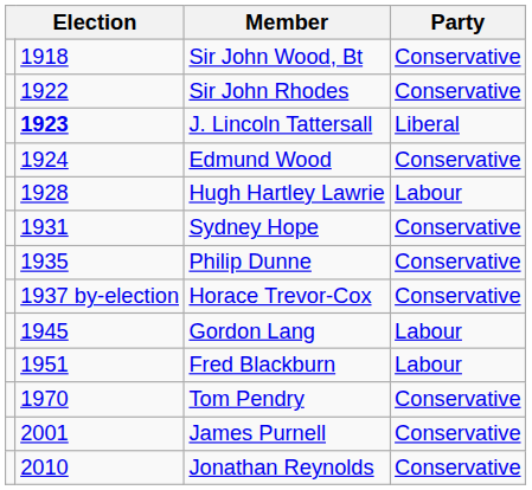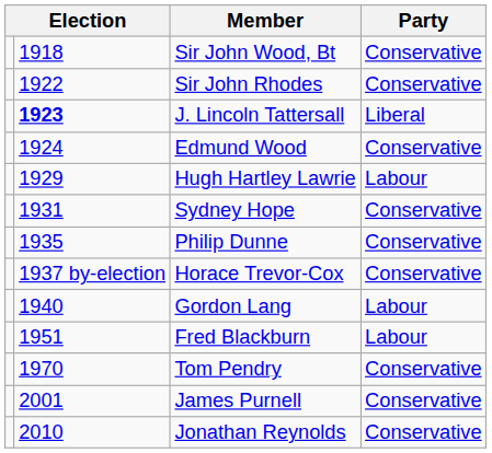 <table class="wikitable">
 <tr>
 <th colspan="2">Election</th>
 <th>Member</th>
 <th>Party</th>
 </tr>
 <tr>
 <td style="color:inherit;background-color: "></td>
 <td><a href='#'>1918</a></td>
 <td><a href='#'>Sir John Wood, Bt</a></td>
 <td><a href='#'>Conservative</a></td>
 </tr>
 <tr>
 <td style="color:inherit;background-color: "></td>
 <td><a href='#'>1922</a></td>
 <td><a href='#'>Sir John Rhodes</a></td>
 <td><a href='#'>Conservative</a></td>
 </tr>
 <tr>
 <td style="color:inherit;background-color: "></td>
 <td><strong><a href='#'>1923</a></strong></td>
 <td><a href='#'>J. Lincoln Tattersall</a></td>
 <td><a href='#'>Liberal</a></td>
 </tr>
 <tr>
 <td style="color:inherit;background-color: "></td>
 <td><a href='#'>1924</a></td>
 <td><a href='#'>Edmund Wood</a></td>
 <td><a href='#'>Conservative</a></td>
 </tr>
 <tr>
 <td style="color:inherit;background-color: "></td>
-<td><a href='#'>1928</a></td>
+<td><a href='#'>1929</a></td>
 <td><a href='#'>Hugh Hartley Lawrie</a></td>
 <td><a href='#'>Labour</a></td>
 </tr>
 <tr>
 <td style="color:inherit;background-color: "></td>
 <td><a href='#'>1931</a></td>
 <td><a href='#'>Sydney Hope</a></td>
 <td><a href='#'>Conservative</a></td>
 </tr>
 <tr>
 <td style="color:inherit;background-color: "></td>
 <td><a href='#'>1935</a></td>
 <td><a href='#'>Philip Dunne</a></td>
 <td><a href='#'>Conservative</a></td>
 </tr>
 <tr>
 <td style="color:inherit;background-color: "></td>
 <td><a href='#'>1937 by-election</a></td>
 <td><a href='#'>Horace Trevor-Cox</a></td>
 <td><a href='#'>Conservative</a></td>
 </tr>
 <tr>
 <td style="color:inherit;background-color: "></td>
-<td><a href='#'>1945</a></td>
+<td><a href='#'>1940</a></td>
 <td><a href='#'>Gordon Lang</a></td>
 <td><a href='#'>Labour</a></td>
 </tr>
 <tr>
 <td style="color:inherit;background-color: "></td>
 <td><a href='#'>1951</a></td>
 <td><a href='#'>Fred Blackburn</a></td>
 <td><a href='#'>Labour</a></td>
 </tr>
 <tr>
 <td style="color:inherit;background-color: "></td>
 <td><a href='#'>1970</a></td>
 <td><a href='#'>Tom Pendry</a></td>
 <td><a href='#'>Conservative</a></td>
 </tr>
 <tr>
 <td style="color:inherit;background-color: "></td>
 <td><a href='#'>2001</a></td>
 <td><a href='#'>James Purnell</a></td>
 <td><a href='#'>Conservative</a></td>
 </tr>
 <tr>
 <td style="color:inherit;background-color: "></td>
 <td><a href='#'>2010</a></td>
 <td><a href='#'>Jonathan Reynolds</a></td>
 <td><a href='#'>Conservative</a></td>
 </tr>
 </table>
